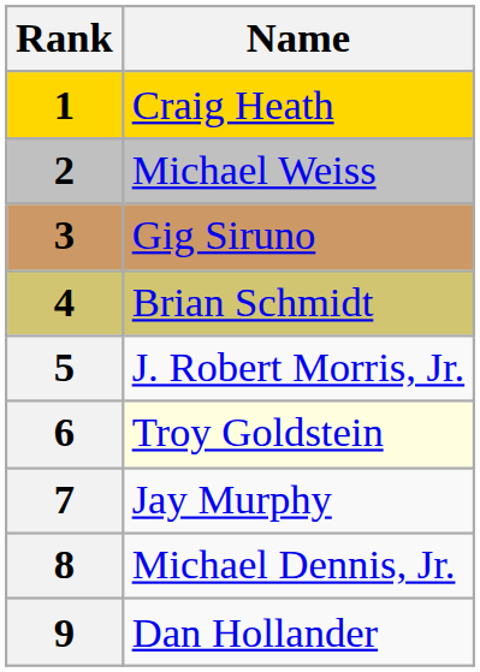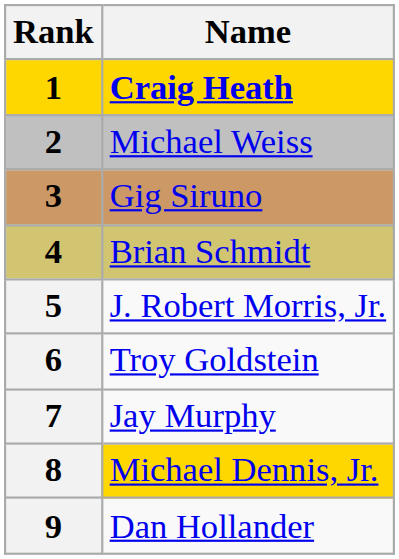 <table class="wikitable">
 <tr>
 <th>Rank</th>
 <th>Name</th>
 </tr>
 <tr bgcolor="gold">
 <td align="center"><strong>1</strong></td>
-<td><a href='#'>Craig Heath</a></td>
+<td><strong><a href='#'>Craig Heath</a></strong></td>
 </tr>
 <tr bgcolor="silver">
 <td align="center"><strong>2</strong></td>
 <td><a href='#'>Michael Weiss</a></td>
 </tr>
 <tr bgcolor="cc9966">
 <td align="center"><strong>3</strong></td>
 <td><a href='#'>Gig Siruno</a></td>
 </tr>
 <tr bgcolor="#d1c571">
 <td align="center"><strong>4</strong></td>
 <td><a href='#'>Brian Schmidt</a></td>
 </tr>
 <tr>
 <th>5</th>
 <td><a href='#'>J. Robert Morris, Jr.</a></td>
 </tr>
 <tr>
 <th>6</th>
-<td style="background: lightyellow;"><a href='#'>Troy Goldstein</a></td>
+<td><a href='#'>Troy Goldstein</a></td>
 </tr>
 <tr>
 <th>7</th>
 <td><a href='#'>Jay Murphy</a></td>
 </tr>
 <tr>
 <th>8</th>
-<td><a href='#'>Michael Dennis, Jr.</a></td>
+<td style="background: gold;"><a href='#'>Michael Dennis, Jr.</a></td>
 </tr>
 <tr>
 <th>9</th>
 <td><a href='#'>Dan Hollander</a></td>
 </tr>
 </table>
